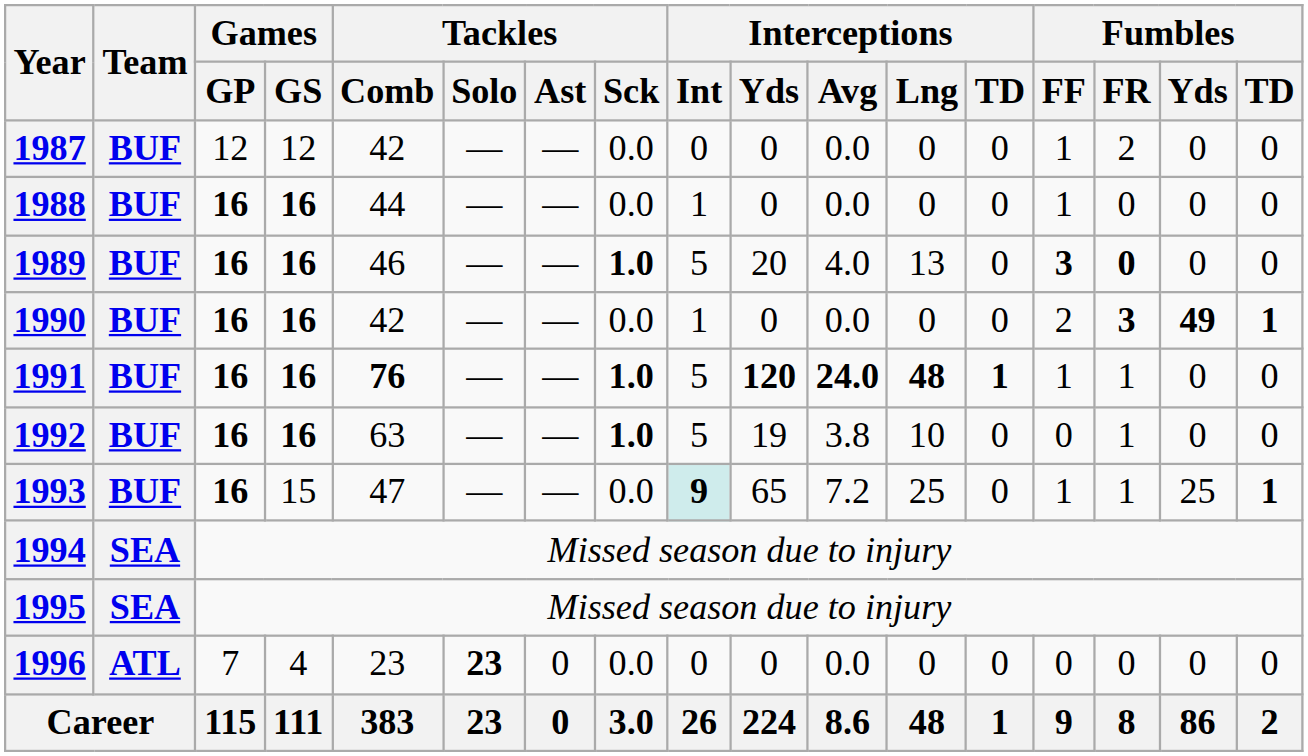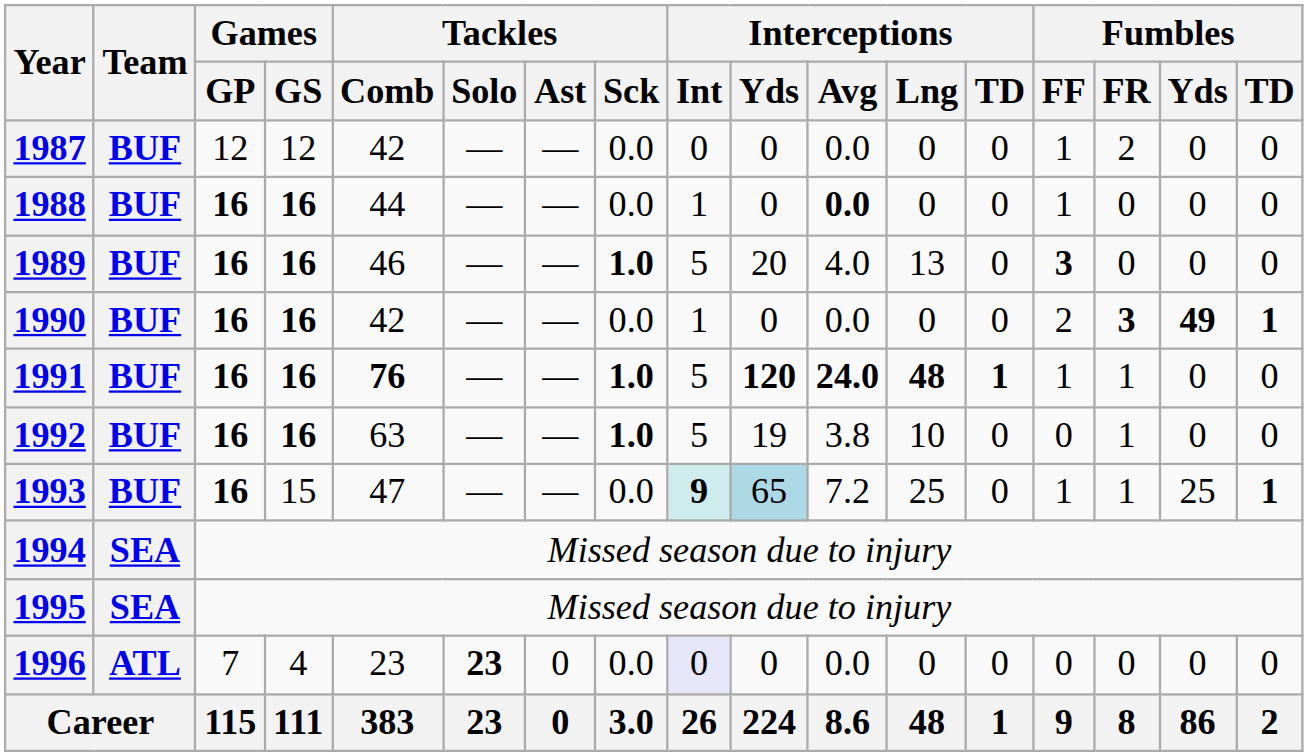 <table class="wikitable" style="text-align:center">
 <tr>
 <th rowspan="2">Year</th>
 <th rowspan="2">Team</th>
 <th colspan="2">Games</th>
 <th colspan="4">Tackles</th>
 <th colspan="5">Interceptions</th>
 <th colspan="4">Fumbles</th>
 </tr>
 <tr>
 <th>GP</th>
 <th>GS</th>
 <th>Comb</th>
 <th>Solo</th>
 <th>Ast</th>
 <th>Sck</th>
 <th>Int</th>
 <th>Yds</th>
 <th>Avg</th>
 <th>Lng</th>
 <th>TD</th>
 <th>FF</th>
 <th>FR</th>
 <th>Yds</th>
 <th>TD</th>
 </tr>
 <tr>
 <th><a href='#'>1987</a></th>
 <th><a href='#'>BUF</a></th>
 <td>12</td>
 <td>12</td>
 <td>42</td>
 <td>—</td>
 <td>—</td>
 <td>0.0</td>
 <td>0</td>
 <td>0</td>
 <td>0.0</td>
 <td>0</td>
 <td>0</td>
 <td>1</td>
 <td>2</td>
 <td>0</td>
 <td>0</td>
 </tr>
 <tr>
 <th><a href='#'>1988</a></th>
 <th><a href='#'>BUF</a></th>
 <td><strong>16</strong></td>
 <td><strong>16</strong></td>
 <td>44</td>
 <td>—</td>
 <td>—</td>
 <td>0.0</td>
 <td>1</td>
 <td>0</td>
-<td>0.0</td>
+<td><strong>0.0</strong></td>
 <td>0</td>
 <td>0</td>
 <td>1</td>
 <td>0</td>
 <td>0</td>
 <td>0</td>
 </tr>
 <tr>
 <th><a href='#'>1989</a></th>
 <th><a href='#'>BUF</a></th>
 <td><strong>16</strong></td>
 <td><strong>16</strong></td>
 <td>46</td>
 <td>—</td>
 <td>—</td>
 <td><strong>1.0</strong></td>
 <td>5</td>
 <td>20</td>
 <td>4.0</td>
 <td>13</td>
 <td>0</td>
 <td><strong>3</strong></td>
-<td><strong>0</strong></td>
+<td>0</td>
 <td>0</td>
 <td>0</td>
 </tr>
 <tr>
 <th><a href='#'>1990</a></th>
 <th><a href='#'>BUF</a></th>
 <td><strong>16</strong></td>
 <td><strong>16</strong></td>
 <td>42</td>
 <td>—</td>
 <td>—</td>
 <td>0.0</td>
 <td>1</td>
 <td>0</td>
 <td>0.0</td>
 <td>0</td>
 <td>0</td>
 <td>2</td>
 <td><strong>3</strong></td>
 <td><strong>49</strong></td>
 <td><strong>1</strong></td>
 </tr>
 <tr>
 <th><a href='#'>1991</a></th>
 <th><a href='#'>BUF</a></th>
 <td><strong>16</strong></td>
 <td><strong>16</strong></td>
 <td><strong>76</strong></td>
 <td>—</td>
 <td>—</td>
 <td><strong>1.0</strong></td>
 <td>5</td>
 <td><strong>120</strong></td>
 <td><strong>24.0</strong></td>
 <td><strong>48</strong></td>
 <td><strong>1</strong></td>
 <td>1</td>
 <td>1</td>
 <td>0</td>
 <td>0</td>
 </tr>
 <tr>
 <th><a href='#'>1992</a></th>
 <th><a href='#'>BUF</a></th>
 <td><strong>16</strong></td>
 <td><strong>16</strong></td>
 <td>63</td>
 <td>—</td>
 <td>—</td>
 <td><strong>1.0</strong></td>
 <td>5</td>
 <td>19</td>
 <td>3.8</td>
 <td>10</td>
 <td>0</td>
 <td>0</td>
 <td>1</td>
 <td>0</td>
 <td>0</td>
 </tr>
 <tr>
 <th><a href='#'>1993</a></th>
 <th><a href='#'>BUF</a></th>
 <td><strong>16</strong></td>
 <td>15</td>
 <td>47</td>
 <td>—</td>
 <td>—</td>
 <td>0.0</td>
 <td style="background:#cfecec;"><strong>9</strong></td>
-<td>65</td>
+<td style="background: lightblue;">65</td>
 <td>7.2</td>
 <td>25</td>
 <td>0</td>
 <td>1</td>
 <td>1</td>
 <td>25</td>
 <td><strong>1</strong></td>
 </tr>
 <tr>
 <th><a href='#'>1994</a></th>
 <th><a href='#'>SEA</a></th>
 <td colspan="15"><em>Missed season due to injury</em></td>
 </tr>
 <tr>
 <th><a href='#'>1995</a></th>
 <th><a href='#'>SEA</a></th>
 <td colspan="15"><em>Missed season due to injury</em></td>
 </tr>
 <tr>
 <th><a href='#'>1996</a></th>
 <th><a href='#'>ATL</a></th>
 <td>7</td>
 <td>4</td>
 <td>23</td>
 <td><strong>23</strong></td>
 <td>0</td>
 <td>0.0</td>
-<td>0</td>
+<td style="background: lavender;">0</td>
 <td>0</td>
 <td>0.0</td>
 <td>0</td>
 <td>0</td>
 <td>0</td>
 <td>0</td>
 <td>0</td>
 <td>0</td>
 </tr>
 <tr>
 <th colspan="2">Career</th>
 <th>115</th>
 <th>111</th>
 <th>383</th>
 <th>23</th>
 <th>0</th>
 <th>3.0</th>
 <th>26</th>
 <th>224</th>
 <th>8.6</th>
 <th>48</th>
 <th>1</th>
 <th>9</th>
 <th>8</th>
 <th>86</th>
 <th>2</th>
 </tr>
 </table>
